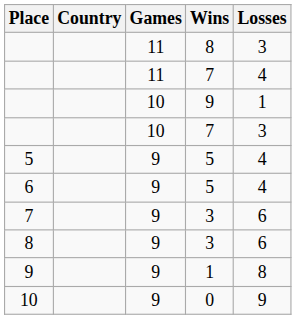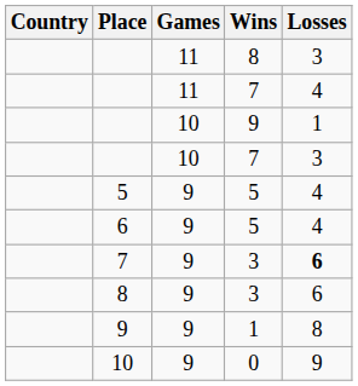 <table class="wikitable" style="text-align:center;">
 <tr>
+<th>Country</th>
 <th>Place</th>
-<th>Country</th>
 <th>Games</th>
 <th>Wins</th>
 <th>Losses</th>
 </tr>
 <tr>
+<td align=left></td>
 <td></td>
-<td align=left></td>
 <td>11</td>
 <td>8</td>
 <td>3</td>
 </tr>
 <tr>
+<td align=left></td>
 <td></td>
-<td align=left></td>
 <td>11</td>
 <td>7</td>
 <td>4</td>
 </tr>
 <tr>
+<td align=left></td>
 <td></td>
-<td align=left></td>
 <td>10</td>
 <td>9</td>
 <td>1</td>
 </tr>
 <tr>
+<td align=left></td>
 <td></td>
-<td align=left></td>
 <td>10</td>
 <td>7</td>
 <td>3</td>
 </tr>
 <tr>
+<td align=left></td>
 <td>5</td>
-<td align=left></td>
 <td>9</td>
 <td>5</td>
 <td>4</td>
 </tr>
 <tr>
+<td align=left></td>
 <td>6</td>
-<td align=left></td>
 <td>9</td>
 <td>5</td>
 <td>4</td>
 </tr>
 <tr>
+<td align=left></td>
 <td>7</td>
+<td>9</td>
+<td>3</td>
+<td><strong>6</strong></td>
+</tr>
+<tr>
 <td align=left></td>
+<td>8</td>
 <td>9</td>
 <td>3</td>
 <td>6</td>
 </tr>
 <tr>
-<td>8</td>
 <td align=left></td>
 <td>9</td>
-<td>3</td>
-<td>6</td>
-</tr>
-<tr>
-<td>9</td>
-<td align=left></td>
 <td>9</td>
 <td>1</td>
 <td>8</td>
 </tr>
 <tr>
+<td align=left></td>
 <td>10</td>
-<td align=left></td>
 <td>9</td>
 <td>0</td>
 <td>9</td>
 </tr>
 </table>
